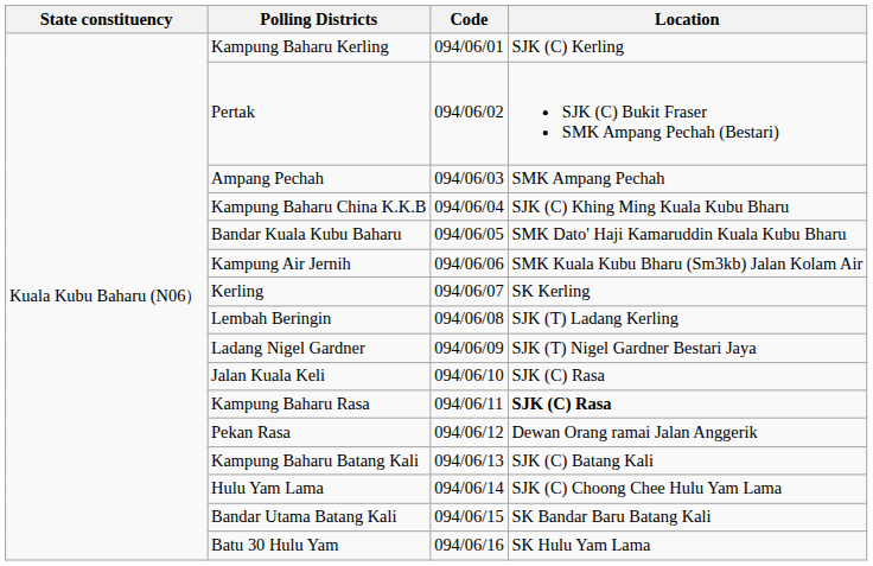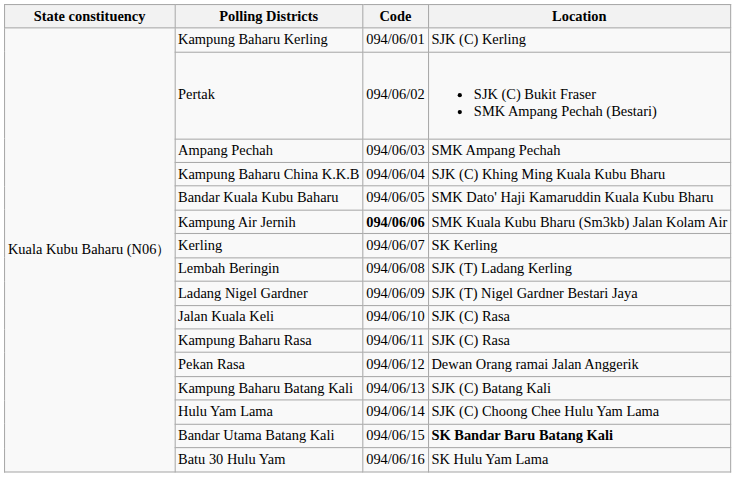 <table class="wikitable sortable mw-collapsible" style="white-space:nowrap;font-size:85%">
 <tr>
 <th>State constituency</th>
 <th>Polling Districts</th>
 <th>Code</th>
 <th>Location</th>
 </tr>
 <tr>
 <td rowspan="16">Kuala Kubu Baharu (N06）</td>
 <td>Kampung Baharu Kerling</td>
 <td>094/06/01</td>
 <td>SJK (C) Kerling</td>
 </tr>
 <tr>
 <td>Pertak</td>
 <td>094/06/02</td>
 <td><br><ul><li>SJK (C) Bukit Fraser</li><li>SMK Ampang Pechah (Bestari)</li></ul></td>
 </tr>
 <tr>
 <td>Ampang Pechah</td>
 <td>094/06/03</td>
 <td>SMK Ampang Pechah</td>
 </tr>
 <tr>
 <td>Kampung Baharu China K.K.B</td>
 <td>094/06/04</td>
 <td>SJK (C) Khing Ming Kuala Kubu Bharu</td>
 </tr>
 <tr>
 <td>Bandar Kuala Kubu Baharu</td>
 <td>094/06/05</td>
 <td>SMK Dato' Haji Kamaruddin Kuala Kubu Bharu</td>
 </tr>
 <tr>
 <td>Kampung Air Jernih</td>
-<td>094/06/06</td>
+<td><strong>094/06/06</strong></td>
 <td>SMK Kuala Kubu Bharu (Sm3kb) Jalan Kolam Air</td>
 </tr>
 <tr>
 <td>Kerling</td>
 <td>094/06/07</td>
 <td>SK Kerling</td>
 </tr>
 <tr>
 <td>Lembah Beringin</td>
 <td>094/06/08</td>
 <td>SJK (T) Ladang Kerling</td>
 </tr>
 <tr>
 <td>Ladang Nigel Gardner</td>
 <td>094/06/09</td>
 <td>SJK (T) Nigel Gardner Bestari Jaya</td>
 </tr>
 <tr>
 <td>Jalan Kuala Keli</td>
 <td>094/06/10</td>
 <td>SJK (C) Rasa</td>
 </tr>
 <tr>
 <td>Kampung Baharu Rasa</td>
 <td>094/06/11</td>
-<td><strong>SJK (C) Rasa</strong></td>
+<td>SJK (C) Rasa</td>
 </tr>
 <tr>
 <td>Pekan Rasa</td>
 <td>094/06/12</td>
 <td>Dewan Orang ramai Jalan Anggerik</td>
 </tr>
 <tr>
 <td>Kampung Baharu Batang Kali</td>
 <td>094/06/13</td>
 <td>SJK (C) Batang Kali</td>
 </tr>
 <tr>
 <td>Hulu Yam Lama</td>
 <td>094/06/14</td>
 <td>SJK (C) Choong Chee Hulu Yam Lama</td>
 </tr>
 <tr>
 <td>Bandar Utama Batang Kali</td>
 <td>094/06/15</td>
-<td>SK Bandar Baru Batang Kali</td>
+<td><strong>SK Bandar Baru Batang Kali</strong></td>
 </tr>
 <tr>
 <td>Batu 30 Hulu Yam</td>
 <td>094/06/16</td>
 <td>SK Hulu Yam Lama</td>
 </tr>
 </table>
